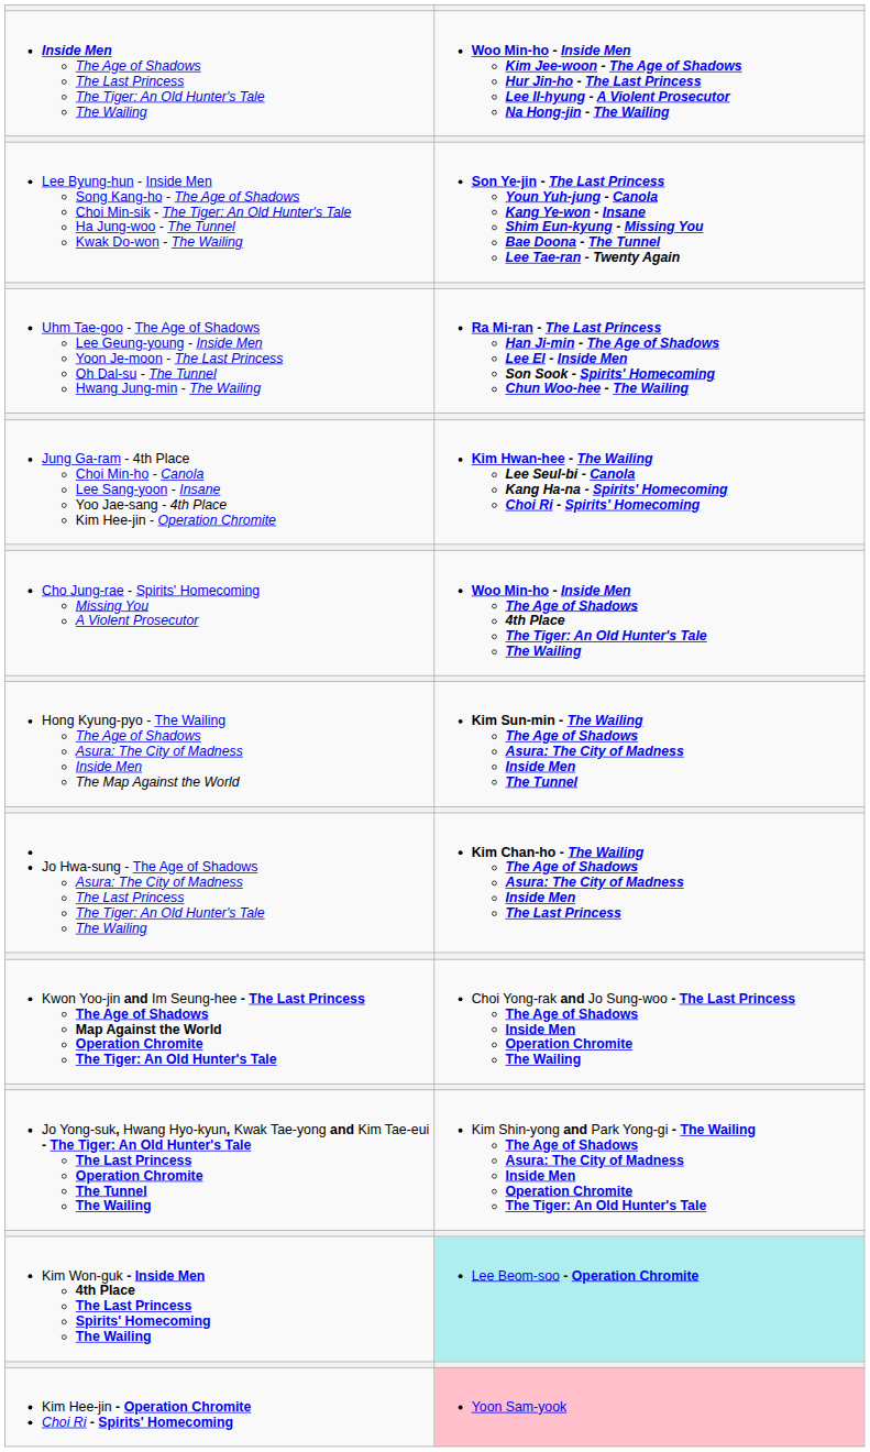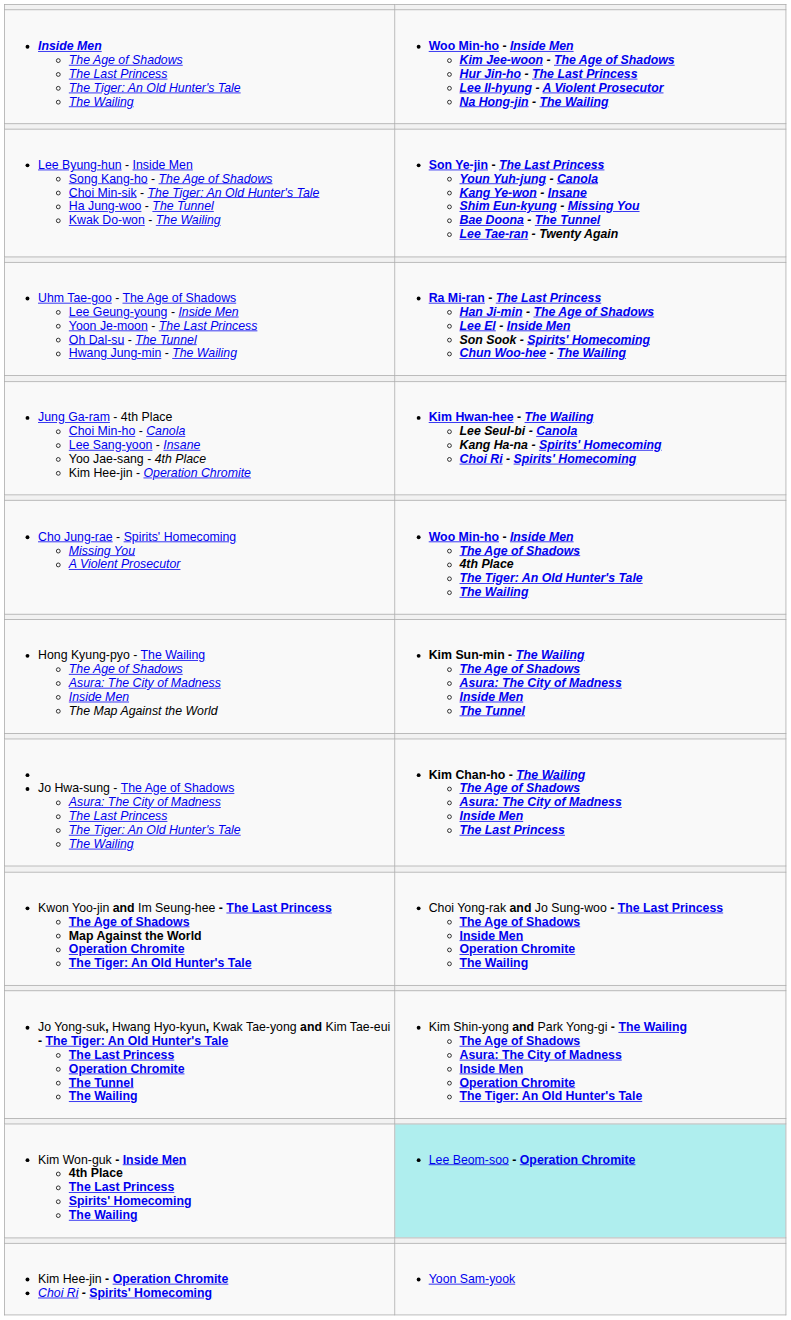 <table class="wikitable">
 <tr>
 <th style="width:500px;"></th>
 <th style="width:500px;"></th>
 </tr>
 <tr>
 <td valign="top"><br><ul><li><em><a href='#'><strong>Inside Men</strong></a></em><ul><li><em><a href='#'>The Age of Shadows</a></em></li><li><em><a href='#'>The Last Princess</a></em></li><li><em><a href='#'>The Tiger: An Old Hunter's Tale</a></em></li><li><em><a href='#'>The Wailing</a></em></li></ul></li></ul></td>
 <td valign="top"><br><ul><li><strong><a href='#'>Woo Min-ho</a> - <em><a href='#'>Inside Men</a><strong><em><ul><li><a href='#'>Kim Jee-woon</a> - </em><a href='#'>The Age of Shadows</a><em></li><li><a href='#'>Hur Jin-ho</a> - </em><a href='#'>The Last Princess</a><em></li><li><a href='#'>Lee Il-hyung</a> - </em><a href='#'>A Violent Prosecutor</a><em></li><li><a href='#'>Na Hong-jin</a> - </em><a href='#'>The Wailing</a><em></li></ul></li></ul></td>
 </tr>
 <tr>
 <th></th>
 <th></th>
 </tr>
 <tr>
 <td valign="top"><br><ul><li></strong><a href='#'>Lee Byung-hun</a> - </em><a href='#'>Inside Men</a></em></strong><ul><li><a href='#'>Song Kang-ho</a> - <em><a href='#'>The Age of Shadows</a></em></li><li><a href='#'>Choi Min-sik</a> - <em><a href='#'>The Tiger: An Old Hunter's Tale</a></em></li><li><a href='#'>Ha Jung-woo</a> - <em><a href='#'>The Tunnel</a></em></li><li><a href='#'>Kwak Do-won</a> - <em><a href='#'>The Wailing</a></em></li></ul></li></ul></td>
 <td valign="top"><br><ul><li><strong><a href='#'>Son Ye-jin</a> - <em><a href='#'>The Last Princess</a><strong><em><ul><li><a href='#'>Youn Yuh-jung</a> - </em><a href='#'>Canola</a><em></li><li><a href='#'>Kang Ye-won</a> - </em><a href='#'>Insane</a><em></li><li><a href='#'>Shim Eun-kyung</a> - </em><a href='#'>Missing You</a><em></li><li><a href='#'>Bae Doona</a> - </em><a href='#'>The Tunnel</a><em></li><li><a href='#'>Lee Tae-ran</a> - </em>Twenty Again<em></li></ul></li></ul></td>
 </tr>
 <tr>
 <th></th>
 <th></th>
 </tr>
 <tr>
 <td valign="top"><br><ul><li></strong><a href='#'>Uhm Tae-goo</a> - </em><a href='#'>The Age of Shadows</a></em></strong><ul><li><a href='#'>Lee Geung-young</a> - <em><a href='#'>Inside Men</a></em></li><li><a href='#'>Yoon Je-moon</a> - <em><a href='#'>The Last Princess</a></em></li><li><a href='#'>Oh Dal-su</a> - <em><a href='#'>The Tunnel</a></em></li><li><a href='#'>Hwang Jung-min</a> - <em><a href='#'>The Wailing</a></em></li></ul></li></ul></td>
 <td valign="top"><br><ul><li><strong><a href='#'>Ra Mi-ran</a> - <em><a href='#'>The Last Princess</a><strong><em><ul><li><a href='#'>Han Ji-min</a> - </em><a href='#'>The Age of Shadows</a><em></li><li><a href='#'>Lee El</a> - </em><a href='#'>Inside Men</a><em></li><li>Son Sook - </em><a href='#'>Spirits' Homecoming</a><em></li><li><a href='#'>Chun Woo-hee</a> - </em><a href='#'>The Wailing</a><em></li></ul></li></ul></td>
 </tr>
 <tr>
 <th></th>
 <th></th>
 </tr>
 <tr>
 <td valign="top"><br><ul><li></strong><a href='#'>Jung Ga-ram</a> - </em>4th Place</em></strong><ul><li><a href='#'>Choi Min-ho</a> - <a href='#'><em>Canola</em></a></li><li><a href='#'>Lee Sang-yoon</a> - <a href='#'><em>Insane</em></a></li><li>Yoo Jae-sang - <em>4th Place</em></li><li>Kim Hee-jin - <a href='#'><em>Operation Chromite</em></a></li></ul></li></ul></td>
 <td valign="top"><br><ul><li><strong><a href='#'>Kim Hwan-hee</a> - <em><a href='#'>The Wailing</a><strong><em><ul><li>Lee Seul-bi - <a href='#'></em>Canola<em></a></li><li>Kang Ha-na - </em><a href='#'>Spirits' Homecoming</a><em></li><li><a href='#'>Choi Ri</a> - </em><a href='#'>Spirits' Homecoming</a><em></li></ul></li></ul></td>
 </tr>
 <tr>
 <th></th>
 <th></th>
 </tr>
 <tr>
 <td valign="top"><br><ul><li></strong><a href='#'>Cho Jung-rae</a> - </em><a href='#'>Spirits' Homecoming</a></em></strong><ul><li><em><a href='#'>Missing You</a></em></li><li><em><a href='#'>A Violent Prosecutor</a></em></li></ul></li></ul></td>
 <td valign="top"><br><ul><li><strong><a href='#'>Woo Min-ho</a> - <em><a href='#'>Inside Men</a><strong><em><ul><li></em><a href='#'>The Age of Shadows</a><em></li><li></em>4th Place<em></li><li></em><a href='#'>The Tiger: An Old Hunter's Tale</a><em></li><li><a href='#'></em>The Wailing<em></a></li></ul></li></ul></td>
 </tr>
 <tr>
 <th></th>
 <th></th>
 </tr>
 <tr>
 <td valign="top"><br><ul><li></strong>Hong Kyung-pyo - </em><a href='#'>The Wailing</a></em></strong><ul><li><em><a href='#'>The Age of Shadows</a></em></li><li><em><a href='#'>Asura: The City of Madness</a></em></li><li><a href='#'><em>Inside Men</em></a></li><li><em>The Map Against the World</em></li></ul></li></ul></td>
 <td valign="top"><br><ul><li><strong>Kim Sun-min - <em><a href='#'>The Wailing</a><strong><em><ul><li></em><a href='#'>The Age of Shadows</a><em></li><li></em><a href='#'>Asura: The City of Madness</a><em></li><li><a href='#'></em>Inside Men<em></a></li><li><a href='#'></em>The Tunnel<em></a></li></ul></li></ul></td>
 </tr>
 <tr>
 <th></th>
 <th></th>
 </tr>
 <tr>
 <td valign="top"><br><ul><li></li><li></strong>Jo Hwa-sung - </em><a href='#'>The Age of Shadows</a></em></strong><ul><li><em><a href='#'>Asura: The City of Madness</a></em></li><li><a href='#'><em>The Last Princess</em></a></li><li><em><a href='#'>The Tiger: An Old Hunter's Tale</a></em></li><li><a href='#'><em>The Wailing</em></a></li></ul></li></ul></td>
 <td valign="top"><br><ul><li><strong>Kim Chan-ho - <em><a href='#'>The Wailing</a><strong><em><ul><li></em><a href='#'>The Age of Shadows</a><em></li><li></em><a href='#'>Asura: The City of Madness</a><em></li><li><a href='#'></em>Inside Men<em></a></li><li><a href='#'></em>The Last Princess<em></a></li></ul></li></ul></td>
 </tr>
 <tr>
 <th></th>
 <th></th>
 </tr>
 <tr>
 <td valign="top"><br><ul><li></strong>Kwon Yoo-jin<strong> and </strong>Im Seung-hee<strong> - </em><a href='#'>The Last Princess</a><em><ul><li></em><a href='#'>The Age of Shadows</a><em></li><li></em>Map Against the World<em></li><li><a href='#'></em>Operation Chromite<em></a></li><li></em><a href='#'>The Tiger: An Old Hunter's Tale</a><em></li></ul></li></ul></td>
 <td valign="top"><br><ul><li></strong>Choi Yong-rak<strong> and </strong>Jo Sung-woo<strong>  - </em><a href='#'>The Last Princess</a><em><ul><li></em><a href='#'>The Age of Shadows</a><em></li><li><a href='#'></em>Inside Men<em></a></li><li><a href='#'></em>Operation Chromite<em></a></li><li><a href='#'></em>The Wailing<em></a></li></ul></li></ul></td>
 </tr>
 <tr>
 <th></th>
 <th></th>
 </tr>
 <tr>
 <td valign="top"><br><ul><li></strong>Jo Yong-suk<strong>, </strong>Hwang Hyo-kyun<strong>, </strong>Kwak Tae-yong<strong> and </strong>Kim Tae-eui<strong> - </em><a href='#'>The Tiger: An Old Hunter's Tale</a><em><ul><li><a href='#'></em>The Last Princess<em></a></li><li><a href='#'></em>Operation Chromite<em></a></li><li><a href='#'></em>The Tunnel<em></a></li><li><a href='#'></em>The Wailing<em></a></li></ul></li></ul></td>
 <td valign="top"><br><ul><li></strong>Kim Shin-yong<strong> and </strong>Park Yong-gi<strong> - </em><a href='#'>The Wailing</a><em><ul><li></em><a href='#'>The Age of Shadows</a><em></li><li></em><a href='#'>Asura: The City of Madness</a><em></li><li><a href='#'></em>Inside Men<em></a></li><li><a href='#'></em>Operation Chromite<em></a></li><li></em><a href='#'>The Tiger: An Old Hunter's Tale</a><em></li></ul></li></ul></td>
 </tr>
 <tr>
 <th></th>
 <th></th>
 </tr>
 <tr>
 <td valign="top"><br><ul><li></strong>Kim Won-guk<strong> - </em><a href='#'>Inside Men</a><em><ul><li></em>4th Place<em></li><li><a href='#'></em>The Last Princess<em></a></li><li></em><a href='#'>Spirits' Homecoming</a><em></li><li><a href='#'></em>The Wailing<em></a></li></ul></li></ul></td>
 <td valign="top" style="background: paleturquoise;"><br><ul><li></strong><a href='#'>Lee Beom-soo</a><strong> - </em><a href='#'>Operation Chromite</a><em></li></ul></td>
 </tr>
 <tr>
 <th></th>
 <th></th>
 </tr>
 <tr>
 <td valign="top"><br><ul><li></strong>Kim Hee-jin<strong>  - </em><a href='#'>Operation Chromite</a><em></li><li></strong><a href='#'>Choi Ri</a><strong> - </em><a href='#'>Spirits' Homecoming</a><em></li></ul></td>
-<td valign="top" style="background: pink;"><br><ul><li></strong><a href='#'>Yoon Sam-yook</a><strong></li></ul></td>
+<td valign="top"><br><ul><li></strong><a href='#'>Yoon Sam-yook</a><strong></li></ul></td>
 </tr>
 </table>
